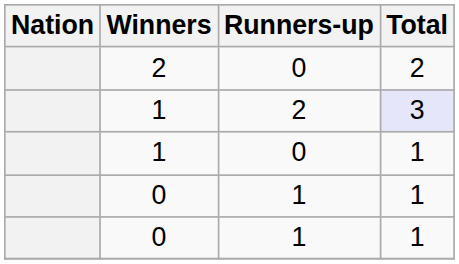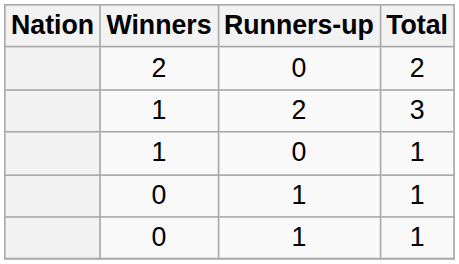 <table class="wikitable plainrowheaders sortable">
 <tr>
 <th scope=col>Nation</th>
 <th scope=col>Winners</th>
 <th scope=col>Runners-up</th>
 <th scope=col>Total</th>
 </tr>
 <tr>
 <th scope=row></th>
 <td style="text-align:center">2</td>
 <td style="text-align:center">0</td>
 <td style="text-align:center">2</td>
 </tr>
 <tr>
 <th scope=row></th>
 <td style="text-align:center">1</td>
 <td style="text-align:center">2</td>
-<td style="background: lavender; text-align:center">3</td>
+<td style="text-align:center">3</td>
 </tr>
 <tr>
 <th scope=row></th>
 <td style="text-align:center">1</td>
 <td style="text-align:center">0</td>
 <td style="text-align:center">1</td>
 </tr>
 <tr>
 <th scope=row></th>
 <td style="text-align:center">0</td>
 <td style="text-align:center">1</td>
 <td style="text-align:center">1</td>
 </tr>
 <tr>
 <th scope=row></th>
 <td style="text-align:center">0</td>
 <td style="text-align:center">1</td>
 <td style="text-align:center">1</td>
 </tr>
 <tr>
 </tr>
 </table>
